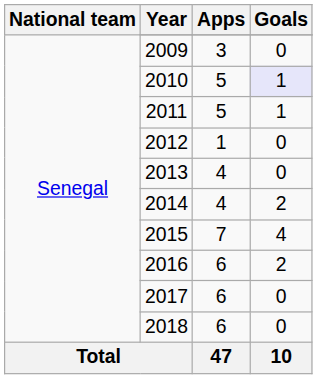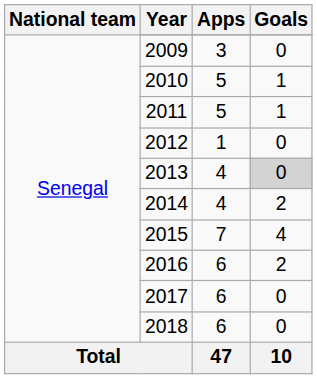 <table class="wikitable" style="text-align:center">
 <tr>
 <th>National team</th>
 <th>Year</th>
 <th>Apps</th>
 <th>Goals</th>
 </tr>
 <tr>
 <td rowspan="11"><a href='#'>Senegal</a></td>
 </tr>
 <tr>
 <td>2009</td>
 <td>3</td>
 <td>0</td>
 </tr>
 <tr>
 <td>2010</td>
 <td>5</td>
-<td style="background: lavender;">1</td>
+<td>1</td>
 </tr>
 <tr>
 <td>2011</td>
 <td>5</td>
 <td>1</td>
 </tr>
 <tr>
 <td>2012</td>
 <td>1</td>
 <td>0</td>
 </tr>
 <tr>
 <td>2013</td>
 <td>4</td>
-<td>0</td>
+<td style="background: lightgrey;">0</td>
 </tr>
 <tr>
 <td>2014</td>
 <td>4</td>
 <td>2</td>
 </tr>
 <tr>
 <td>2015</td>
 <td>7</td>
 <td>4</td>
 </tr>
 <tr>
 <td>2016</td>
 <td>6</td>
 <td>2</td>
 </tr>
 <tr>
 <td>2017</td>
 <td>6</td>
 <td>0</td>
 </tr>
 <tr>
 <td>2018</td>
 <td>6</td>
 <td>0</td>
 </tr>
 <tr>
 <th colspan="2">Total</th>
 <th>47</th>
 <th>10</th>
 </tr>
 </table>
